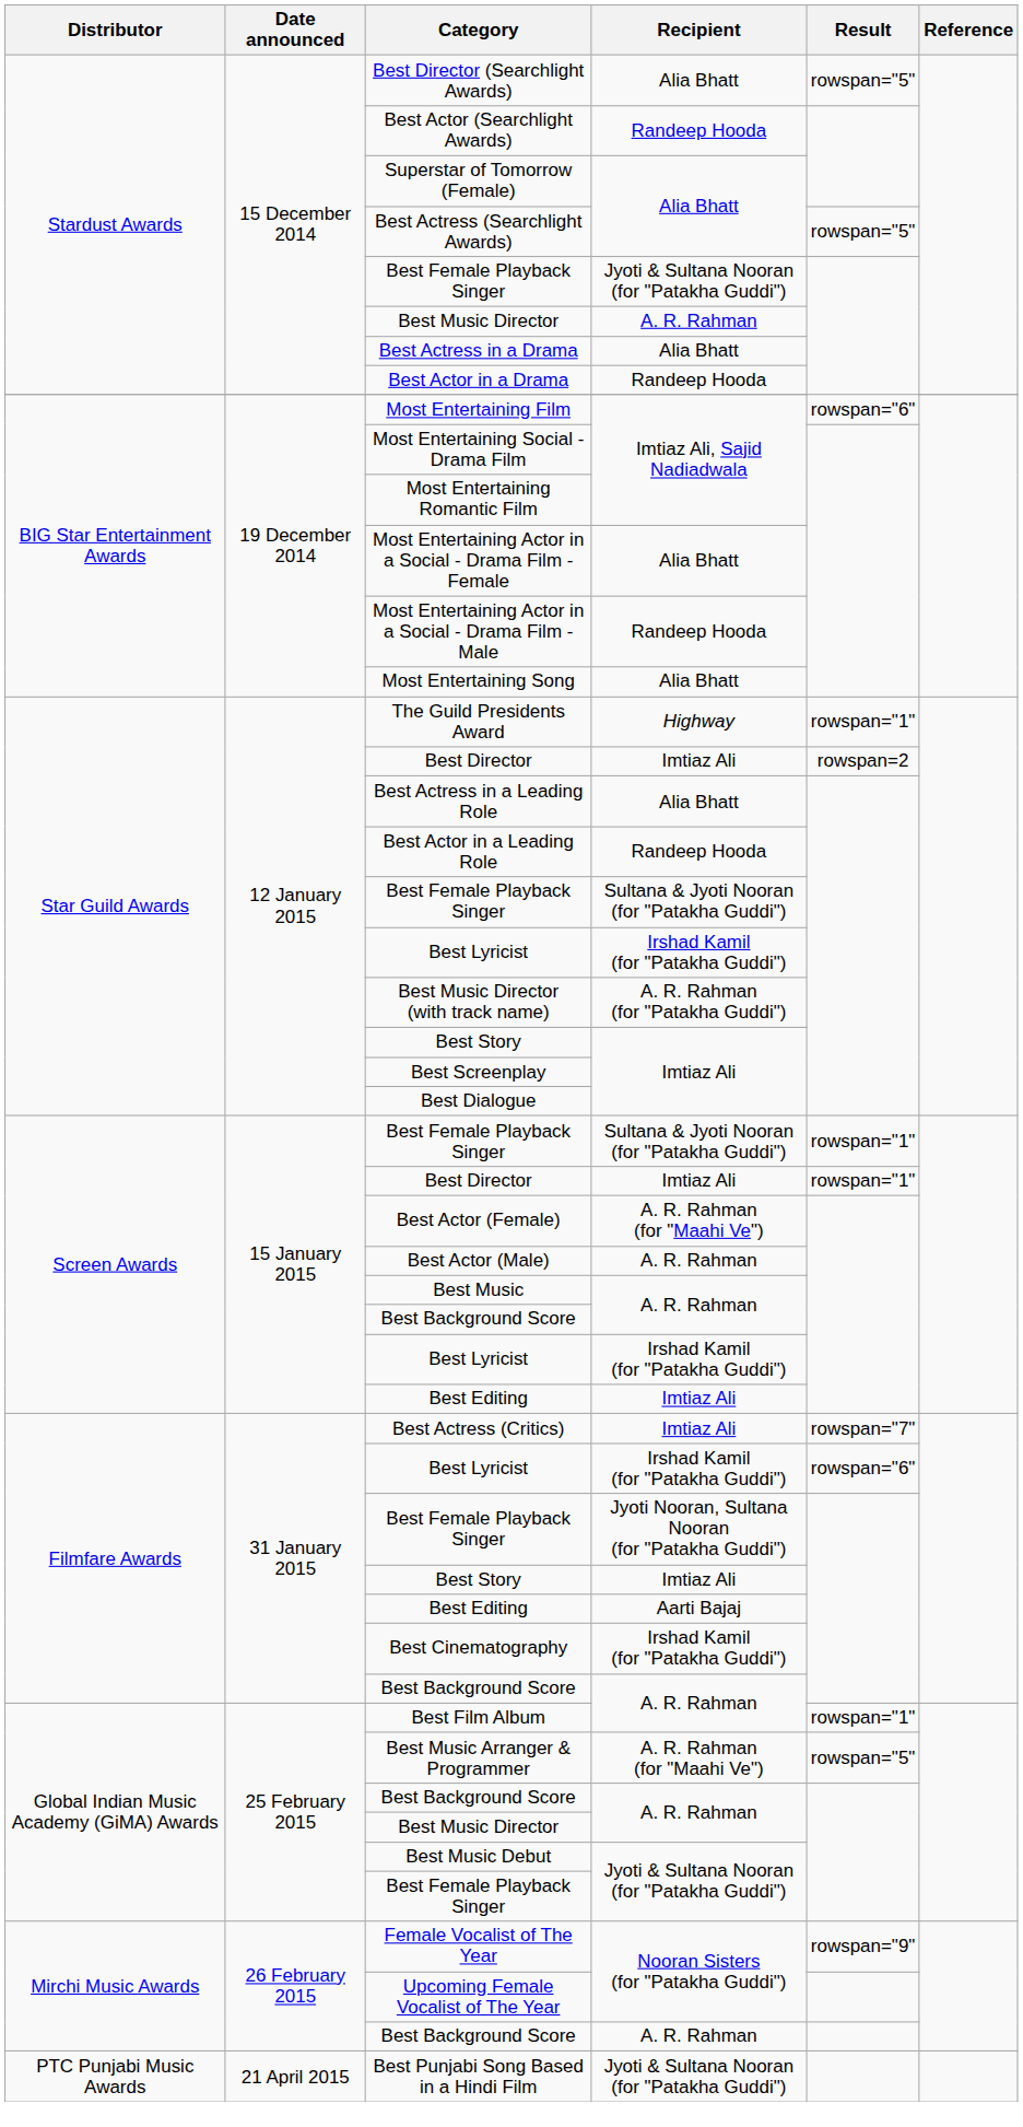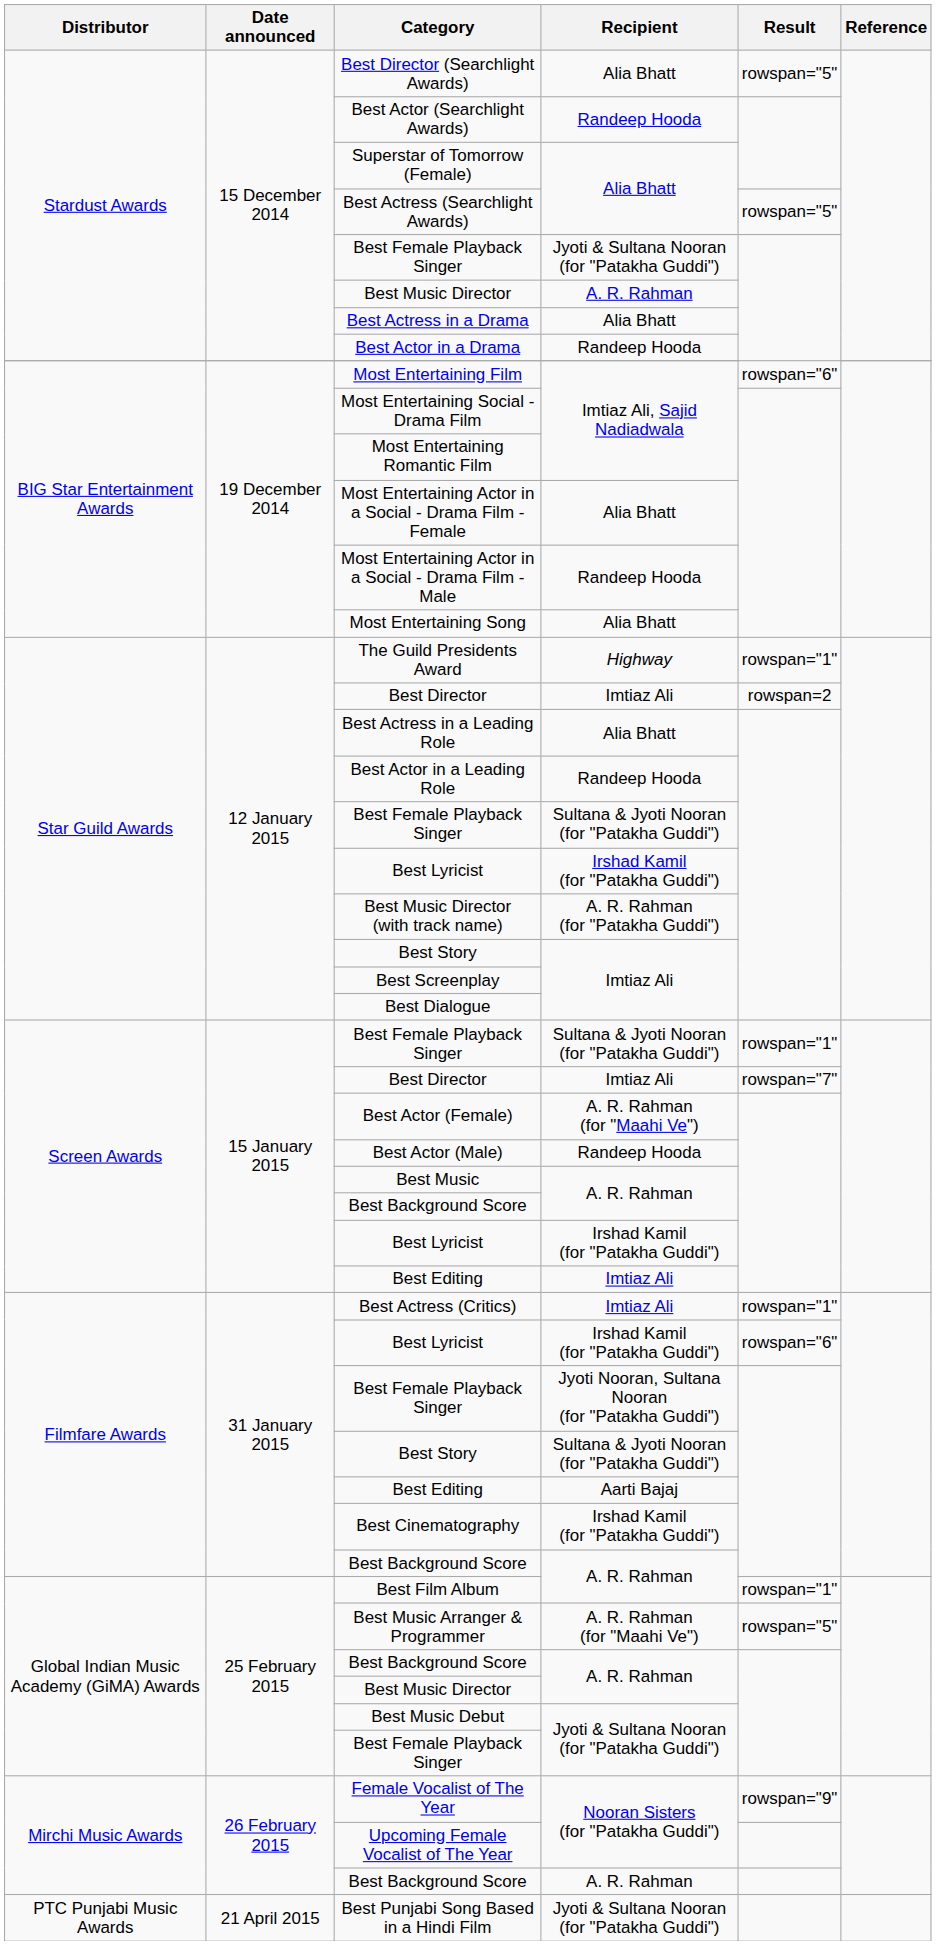 <table class="wikitable mw-collapsible " style="width:99%; text-align:center;"  >
 <tr>
 <th width="25%" scope="col">Distributor</th>
 <th width="15%" scope="col">Date announced</th>
 <th width="25%" scope="col">Category</th>
 <th width="25%" scope="col">Recipient</th>
 <th width="10%" scope="col">Result</th>
 <th width="3%" scope="col">Reference</th>
 </tr>
 <tr>
 <td rowspan="8"><a href='#'>Stardust Awards</a></td>
 <td rowspan="8">15 December 2014</td>
 <td><a href='#'>Best Director</a> (Searchlight Awards)</td>
 <td>Alia Bhatt</td>
 <td>rowspan="5" </td>
 <td rowspan="8"></td>
 </tr>
 <tr>
 <td>Best Actor (Searchlight Awards)</td>
 <td><a href='#'>Randeep Hooda</a></td>
 </tr>
 <tr>
 <td>Superstar of Tomorrow (Female)</td>
 <td rowspan="2"><a href='#'>Alia Bhatt</a></td>
 </tr>
 <tr>
 <td>Best Actress (Searchlight Awards)</td>
 <td>rowspan="5" </td>
 </tr>
 <tr>
 <td>Best Female Playback Singer</td>
 <td>Jyoti & Sultana Nooran<br>(for "Patakha Guddi")</td>
 </tr>
 <tr>
 <td>Best Music Director</td>
 <td><a href='#'>A. R. Rahman</a></td>
 </tr>
 <tr>
 <td><a href='#'>Best Actress in a Drama</a></td>
 <td>Alia Bhatt</td>
 </tr>
 <tr>
 <td><a href='#'>Best Actor in a Drama</a></td>
 <td>Randeep Hooda</td>
 </tr>
 <tr>
 </tr>
 <tr>
 <td rowspan="6"><a href='#'>BIG Star Entertainment Awards</a></td>
 <td rowspan="6">19 December 2014</td>
 <td><a href='#'>Most Entertaining Film</a></td>
 <td rowspan="3">Imtiaz Ali, <a href='#'>Sajid Nadiadwala</a></td>
 <td>rowspan="6" </td>
 <td rowspan="6"></td>
 </tr>
 <tr>
 <td>Most Entertaining Social - Drama Film</td>
 </tr>
 <tr>
 <td>Most Entertaining Romantic Film</td>
 </tr>
 <tr>
 <td>Most Entertaining Actor in a Social - Drama Film - Female</td>
 <td>Alia Bhatt</td>
 </tr>
 <tr>
 <td>Most Entertaining Actor in a Social - Drama Film - Male</td>
 <td>Randeep Hooda</td>
 </tr>
 <tr>
 <td>Most Entertaining Song</td>
 <td>Alia Bhatt</td>
 </tr>
 <tr>
 <td rowspan="10"><a href='#'>Star Guild Awards</a></td>
 <td rowspan="10">12 January 2015</td>
 <td>The Guild Presidents Award</td>
 <td><em>Highway</em></td>
 <td>rowspan="1" </td>
 <td rowspan="10"></td>
 </tr>
 <tr>
 <td>Best Director</td>
 <td>Imtiaz Ali</td>
 <td>rowspan=2 </td>
 </tr>
 <tr>
 <td>Best Actress in a Leading Role</td>
 <td>Alia Bhatt</td>
 </tr>
 <tr>
 <td>Best Actor in a Leading Role</td>
 <td>Randeep Hooda</td>
 </tr>
 <tr>
 <td>Best Female Playback Singer</td>
 <td>Sultana & Jyoti Nooran<br>(for "Patakha Guddi")</td>
 </tr>
 <tr>
 <td>Best Lyricist</td>
 <td><a href='#'>Irshad Kamil</a><br>(for "Patakha Guddi")</td>
 </tr>
 <tr>
 <td>Best Music Director<br>(with track name)</td>
 <td>A. R. Rahman<br>(for "Patakha Guddi")</td>
 </tr>
 <tr>
 <td>Best Story</td>
 <td rowspan="3">Imtiaz Ali</td>
 </tr>
 <tr>
 <td>Best Screenplay</td>
 </tr>
 <tr>
 <td>Best Dialogue</td>
 </tr>
 <tr>
 <td rowspan="8"><a href='#'>Screen Awards</a></td>
 <td rowspan="8">15 January 2015</td>
 <td>Best Female Playback Singer</td>
 <td>Sultana & Jyoti Nooran<br>(for "Patakha Guddi")</td>
 <td>rowspan="1" </td>
 <td rowspan="8"></td>
 </tr>
 <tr>
 <td>Best Director</td>
 <td>Imtiaz Ali</td>
-<td>rowspan="1" </td>
+<td>rowspan="7" </td>
 </tr>
 <tr>
 <td>Best Actor (Female)</td>
 <td>A. R. Rahman<br>(for "<a href='#'>Maahi Ve</a>")</td>
 </tr>
 <tr>
 <td>Best Actor (Male)</td>
-<td>A. R. Rahman</td>
+<td>Randeep Hooda</td>
 </tr>
 <tr>
 <td>Best Music</td>
 <td rowspan="2">A. R. Rahman</td>
 </tr>
 <tr>
 <td>Best Background Score</td>
 </tr>
 <tr>
 <td>Best Lyricist</td>
 <td>Irshad Kamil<br>(for "Patakha Guddi")</td>
 </tr>
 <tr>
 <td>Best Editing</td>
 <td><a href='#'>Imtiaz Ali</a></td>
 </tr>
 <tr>
 <td rowspan="7"><a href='#'>Filmfare Awards</a></td>
 <td rowspan="7">31 January 2015</td>
 <td>Best Actress (Critics)</td>
 <td><a href='#'>Imtiaz Ali</a></td>
-<td>rowspan="7" </td>
+<td>rowspan="1" </td>
 <td rowspan="7"></td>
 </tr>
 <tr>
 <td>Best Lyricist</td>
 <td>Irshad Kamil<br> (for "Patakha Guddi")</td>
 <td>rowspan="6" </td>
 </tr>
 <tr>
 <td>Best Female Playback Singer</td>
 <td>Jyoti Nooran, Sultana Nooran<br> (for "Patakha Guddi")</td>
 </tr>
 <tr>
 <td>Best Story</td>
-<td>Imtiaz Ali</td>
+<td>Sultana & Jyoti Nooran<br>(for "Patakha Guddi")</td>
 </tr>
 <tr>
 <td>Best Editing</td>
 <td>Aarti Bajaj</td>
 </tr>
 <tr>
 <td>Best Cinematography</td>
 <td>Irshad Kamil<br>(for "Patakha Guddi")</td>
 </tr>
 <tr>
 <td>Best Background Score</td>
 <td rowspan="2">A. R. Rahman</td>
 </tr>
 <tr>
 <td rowspan="6">Global Indian Music Academy (GiMA) Awards</td>
 <td rowspan="6">25 February 2015</td>
 <td>Best Film Album</td>
 <td>rowspan="1" </td>
 <td rowspan="6"></td>
 </tr>
 <tr>
 <td>Best Music Arranger & Programmer</td>
 <td>A. R. Rahman<br> (for "Maahi Ve")</td>
 <td>rowspan="5" </td>
 </tr>
 <tr>
 <td>Best Background Score</td>
 <td rowspan="2">A. R. Rahman</td>
 </tr>
 <tr>
 <td>Best Music Director</td>
 </tr>
 <tr>
 <td>Best Music Debut</td>
 <td rowspan="2">Jyoti & Sultana Nooran<br>(for "Patakha Guddi")</td>
 </tr>
 <tr>
 <td>Best Female Playback Singer</td>
 </tr>
 <tr>
 <td rowspan=3><a href='#'>Mirchi Music Awards</a></td>
 <td rowspan=3><a href='#'>26 February 2015</a></td>
 <td><a href='#'>Female Vocalist of The Year</a></td>
 <td rowspan=2><a href='#'>Nooran Sisters</a><br>(for "Patakha Guddi")</td>
 <td>rowspan="9" </td>
 <td rowspan=3></td>
 </tr>
 <tr>
 <td><a href='#'>Upcoming Female Vocalist of The Year</a></td>
 </tr>
 <tr>
 <td>Best Background Score</td>
 <td>A. R. Rahman</td>
 <td></td>
 </tr>
 <tr>
 <td>PTC Punjabi Music Awards</td>
 <td>21 April 2015</td>
 <td>Best Punjabi Song Based in a Hindi Film</td>
 <td>Jyoti & Sultana Nooran<br>(for "Patakha Guddi")</td>
 <td></td>
 <td></td>
 </tr>
 </table>
